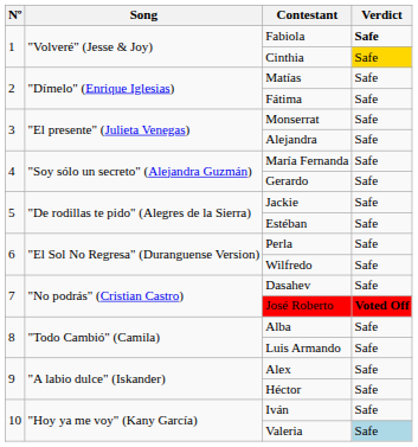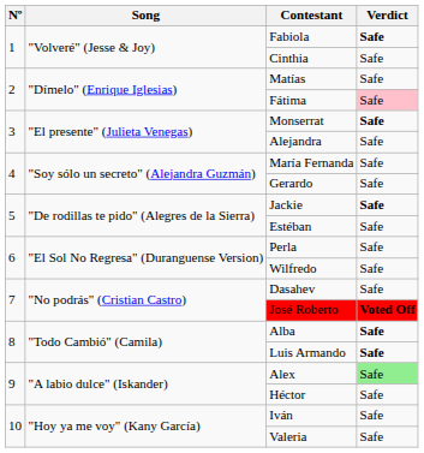 <table class="wikitable sortable">
 <tr>
 <th>Nº</th>
 <th>Song</th>
 <th>Contestant</th>
 <th>Verdict</th>
 </tr>
 <tr>
 <td rowspan=2>1</td>
 <td rowspan=2>"Volveré" (Jesse & Joy)</td>
 <td>Fabiola</td>
 <td><strong>Safe</strong></td>
 </tr>
 <tr>
 <td>Cinthia</td>
-<td style="background: gold;">Safe</td>
+<td>Safe</td>
 </tr>
 <tr>
 <td rowspan=2>2</td>
 <td rowspan=2>"Dímelo" (<a href='#'>Enrique Iglesias</a>)</td>
 <td>Matías</td>
 <td>Safe</td>
 </tr>
 <tr>
 <td>Fátima</td>
-<td>Safe</td>
+<td style="background: pink;">Safe</td>
 </tr>
 <tr>
 <td rowspan=2>3</td>
 <td rowspan=2>"El presente" (<a href='#'>Julieta Venegas</a>)</td>
 <td>Monserrat</td>
-<td>Safe</td>
+<td><strong>Safe</strong></td>
 </tr>
 <tr>
 <td>Alejandra</td>
 <td>Safe</td>
 </tr>
 <tr>
 <td rowspan=2>4</td>
 <td rowspan=2>"Soy sólo un secreto" (<a href='#'>Alejandra Guzmán</a>)</td>
 <td>María Fernanda</td>
 <td>Safe</td>
 </tr>
 <tr>
 <td>Gerardo</td>
 <td>Safe</td>
 </tr>
 <tr>
 <td rowspan=2>5</td>
 <td rowspan=2>"De rodillas te pido" (Alegres de la Sierra)</td>
 <td>Jackie</td>
-<td>Safe</td>
+<td><strong>Safe</strong></td>
 </tr>
 <tr>
 <td>Estéban</td>
 <td>Safe</td>
 </tr>
 <tr>
 <td rowspan=2>6</td>
 <td rowspan=2>"El Sol No Regresa" (Duranguense Version)</td>
 <td>Perla</td>
 <td>Safe</td>
 </tr>
 <tr>
 <td>Wilfredo</td>
 <td>Safe</td>
 </tr>
 <tr>
 <td rowspan=2>7</td>
 <td rowspan=2>"No podrás" (<a href='#'>Cristian Castro</a>)</td>
 <td>Dasahev</td>
 <td>Safe</td>
 </tr>
 <tr>
 <td bgcolor="red">José Roberto</td>
 <td bgcolor="red"><strong>Voted Off</strong></td>
 </tr>
 <tr>
 <td rowspan=2>8</td>
 <td rowspan=2>"Todo Cambió" (Camila)</td>
 <td>Alba</td>
-<td>Safe</td>
+<td><strong>Safe</strong></td>
 </tr>
 <tr>
 <td>Luis Armando</td>
-<td>Safe</td>
+<td><strong>Safe</strong></td>
 </tr>
 <tr>
 <td rowspan=2>9</td>
 <td rowspan=2>"A labio dulce" (Iskander)</td>
 <td>Alex</td>
-<td>Safe</td>
+<td style="background: lightgreen;">Safe</td>
 </tr>
 <tr>
 <td>Héctor</td>
 <td>Safe</td>
 </tr>
 <tr>
 <td rowspan=2>10</td>
 <td rowspan=2>"Hoy ya me voy" (Kany García)</td>
 <td>Iván</td>
 <td>Safe</td>
 </tr>
 <tr>
 <td>Valeria</td>
-<td style="background: lightblue;">Safe</td>
+<td>Safe</td>
 </tr>
 </table>
